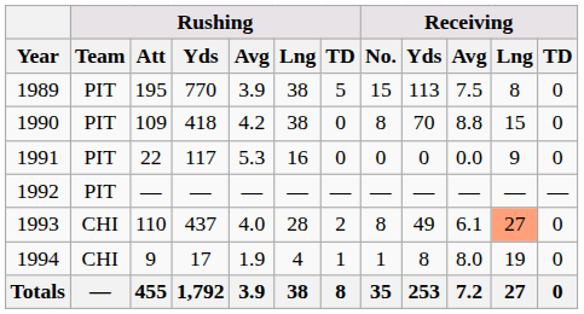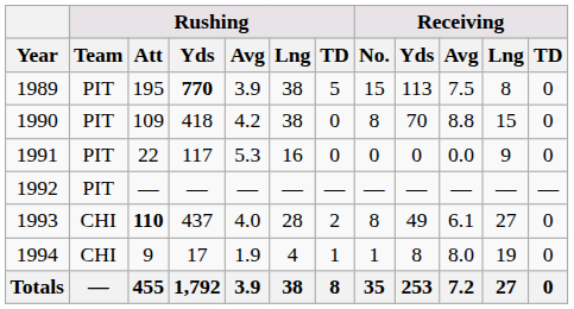 <table class=wikitable style="text-align:center">
 <tr>
 <th></th>
 <th colspan="6" style="background:#e7e3e7;">Rushing</th>
 <th colspan="5" style="background:#e7e3e7;">Receiving</th>
 </tr>
 <tr>
 <th>Year</th>
 <th>Team</th>
 <th>Att</th>
 <th>Yds</th>
 <th>Avg</th>
 <th>Lng</th>
 <th>TD</th>
 <th>No.</th>
 <th>Yds</th>
 <th>Avg</th>
 <th>Lng</th>
 <th>TD</th>
 </tr>
 <tr>
 <td>1989</td>
 <td>PIT</td>
 <td>195</td>
-<td>770</td>
+<td><strong>770</strong></td>
 <td>3.9</td>
 <td>38</td>
 <td>5</td>
 <td>15</td>
 <td>113</td>
 <td>7.5</td>
 <td>8</td>
 <td>0</td>
 </tr>
 <tr>
 <td>1990</td>
 <td>PIT</td>
 <td>109</td>
 <td>418</td>
 <td>4.2</td>
 <td>38</td>
 <td>0</td>
 <td>8</td>
 <td>70</td>
 <td>8.8</td>
 <td>15</td>
 <td>0</td>
 </tr>
 <tr>
 <td>1991</td>
 <td>PIT</td>
 <td>22</td>
 <td>117</td>
 <td>5.3</td>
 <td>16</td>
 <td>0</td>
 <td>0</td>
 <td>0</td>
 <td>0.0</td>
 <td>9</td>
 <td>0</td>
 </tr>
 <tr>
 <td>1992</td>
 <td>PIT</td>
 <td>—</td>
 <td>—</td>
 <td>—</td>
 <td>—</td>
 <td>—</td>
 <td>—</td>
 <td>—</td>
 <td>—</td>
 <td>—</td>
 <td>—</td>
 </tr>
 <tr>
 <td>1993</td>
 <td>CHI</td>
-<td>110</td>
+<td><strong>110</strong></td>
 <td>437</td>
 <td>4.0</td>
 <td>28</td>
 <td>2</td>
 <td>8</td>
 <td>49</td>
 <td>6.1</td>
-<td style="background: lightsalmon;">27</td>
+<td>27</td>
 <td>0</td>
 </tr>
 <tr>
 <td>1994</td>
 <td>CHI</td>
 <td>9</td>
 <td>17</td>
 <td>1.9</td>
 <td>4</td>
 <td>1</td>
 <td>1</td>
 <td>8</td>
 <td>8.0</td>
 <td>19</td>
 <td>0</td>
 </tr>
 <tr>
 <th>Totals</th>
 <th>—</th>
 <th>455</th>
 <th>1,792</th>
 <th>3.9</th>
 <th>38</th>
 <th>8</th>
 <th>35</th>
 <th>253</th>
 <th>7.2</th>
 <th>27</th>
 <th>0</th>
 </tr>
 </table>
